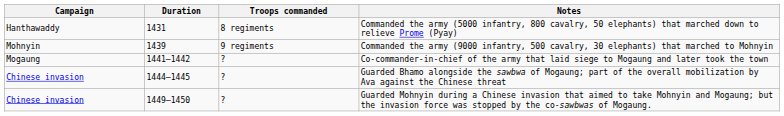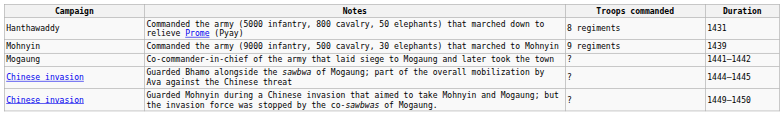 <table class="wikitable" border="1">
 <tr>
 <th width=10%>Campaign</th>
+<th width=30%>Notes</th>
+<th width=10%>Troops commanded</th>
 <th width=5%>Duration</th>
-<th width=10%>Troops commanded</th>
-<th width=30%>Notes</th>
 </tr>
 <tr>
 <td>Hanthawaddy</td>
+<td>Commanded the army (5000 infantry, 800 cavalry, 50 elephants) that marched down to relieve <a href='#'>Prome</a> (Pyay)</td>
+<td>8 regiments</td>
 <td>1431</td>
-<td>8 regiments</td>
-<td>Commanded the army (5000 infantry, 800 cavalry, 50 elephants) that marched down to relieve <a href='#'>Prome</a> (Pyay)</td>
 </tr>
 <tr>
 <td>Mohnyin</td>
+<td>Commanded the army (9000 infantry, 500 cavalry, 30 elephants) that marched to Mohnyin</td>
+<td>9 regiments</td>
 <td>1439</td>
-<td>9 regiments</td>
-<td>Commanded the army (9000 infantry, 500 cavalry, 30 elephants) that marched to Mohnyin</td>
 </tr>
 <tr>
 <td>Mogaung</td>
+<td>Co-commander-in-chief of the army that laid siege to Mogaung and later took the town</td>
+<td>?</td>
 <td>1441–1442</td>
-<td>?</td>
-<td>Co-commander-in-chief of the army that laid siege to Mogaung and later took the town</td>
 </tr>
 <tr>
 <td><a href='#'>Chinese invasion</a></td>
+<td>Guarded Bhamo alongside the <em>sawbwa</em> of Mogaung; part of the overall mobilization by Ava against the Chinese threat</td>
+<td>?</td>
 <td>1444–1445</td>
-<td>?</td>
-<td>Guarded Bhamo alongside the <em>sawbwa</em> of Mogaung; part of the overall mobilization by Ava against the Chinese threat</td>
 </tr>
 <tr>
 <td><a href='#'>Chinese invasion</a></td>
+<td>Guarded Mohnyin during a Chinese invasion that aimed to take Mohnyin and Mogaung; but the invasion force was stopped by the co-<em>sawbwas</em> of Mogaung.</td>
+<td>?</td>
 <td>1449–1450</td>
-<td>?</td>
-<td>Guarded Mohnyin during a Chinese invasion that aimed to take Mohnyin and Mogaung; but the invasion force was stopped by the co-<em>sawbwas</em> of Mogaung.</td>
 </tr>
 </table>
